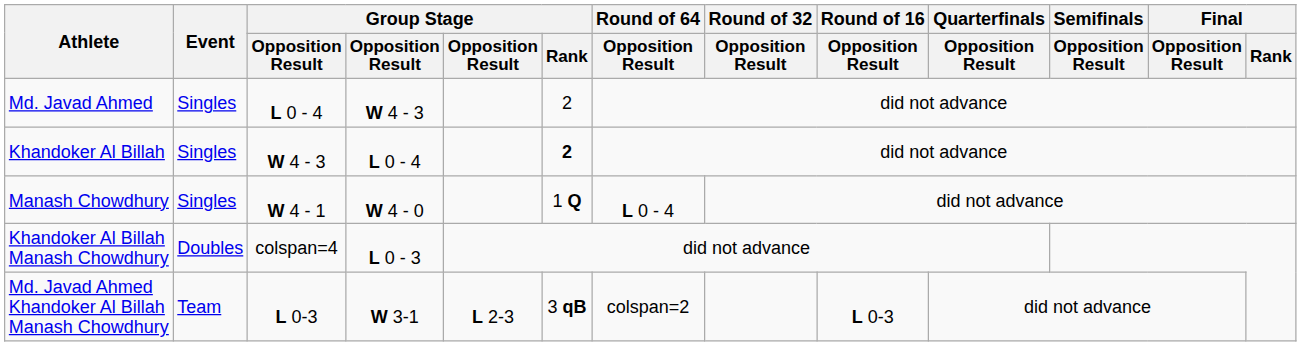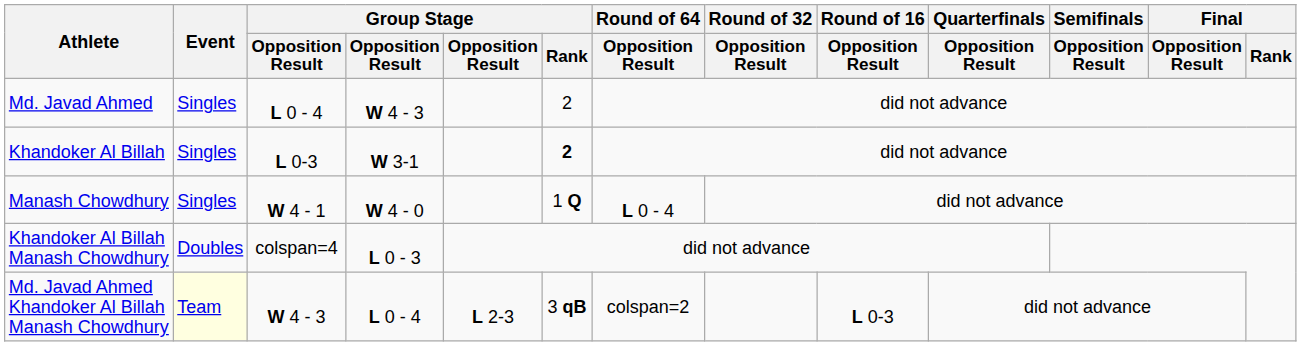 <table class="wikitable" style="font-size:90%">
 <tr>
 <th rowspan=2>Athlete</th>
 <th rowspan=2>Event</th>
 <th colspan=4>Group Stage</th>
 <th>Round of 64</th>
 <th>Round of 32</th>
 <th>Round of 16</th>
 <th>Quarterfinals</th>
 <th>Semifinals</th>
 <th colspan=2>Final</th>
 </tr>
 <tr style="font-size:95%">
 <th>Opposition<br>Result</th>
 <th>Opposition<br>Result</th>
 <th>Opposition<br>Result</th>
 <th>Rank</th>
 <th>Opposition<br>Result</th>
 <th>Opposition<br>Result</th>
 <th>Opposition<br>Result</th>
 <th>Opposition<br>Result</th>
 <th>Opposition<br>Result</th>
 <th>Opposition<br>Result</th>
 <th>Rank</th>
 </tr>
 <tr align=center>
 <td align=left><a href='#'>Md. Javad Ahmed</a></td>
 <td align=left><a href='#'>Singles</a></td>
 <td><br><strong>L</strong> 0 - 4</td>
 <td><br><strong>W</strong> 4 - 3</td>
 <td></td>
 <td>2</td>
 <td colspan=7>did not advance</td>
 </tr>
 <tr align=center>
 <td align=left><a href='#'>Khandoker Al Billah</a></td>
 <td align=left><a href='#'>Singles</a></td>
-<td><br><strong>W</strong> 4 - 3</td>
-<td><br><strong>L</strong> 0 - 4</td>
+<td><br><strong>L</strong> 0-3</td>
+<td><br><strong>W</strong> 3-1</td>
 <td></td>
 <td><strong>2</strong></td>
 <td colspan=7>did not advance</td>
 </tr>
 <tr align=center>
 <td align=left><a href='#'>Manash Chowdhury</a></td>
 <td align=left><a href='#'>Singles</a></td>
 <td><br><strong>W</strong> 4 - 1</td>
 <td><br><strong>W</strong> 4 - 0</td>
 <td></td>
 <td>1 <strong>Q</strong></td>
 <td><br><strong>L</strong> 0 - 4</td>
 <td colspan=6>did not advance</td>
 </tr>
 <tr align=center>
 <td align=left><a href='#'>Khandoker Al Billah</a><br><a href='#'>Manash Chowdhury</a></td>
 <td align=left><a href='#'>Doubles</a></td>
 <td>colspan=4 </td>
 <td><br><strong>L</strong> 0 - 3</td>
 <td colspan=6>did not advance</td>
 </tr>
 <tr align=center>
 <td align=left><a href='#'>Md. Javad Ahmed</a><br><a href='#'>Khandoker Al Billah</a><br><a href='#'>Manash Chowdhury</a></td>
-<td align=left><a href='#'>Team</a></td>
-<td><br><strong>L</strong> 0-3</td>
-<td><br><strong>W</strong> 3-1</td>
+<td align=left style="background: lightyellow;"><a href='#'>Team</a></td>
+<td><br><strong>W</strong> 4 - 3</td>
+<td><br><strong>L</strong> 0 - 4</td>
 <td><br><strong>L</strong> 2-3</td>
 <td>3 <strong>qB</strong></td>
 <td>colspan=2 </td>
 <td></td>
 <td><br><strong>L</strong> 0-3</td>
 <td colspan=3>did not advance</td>
 </tr>
 </table>
